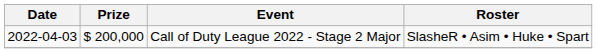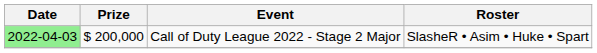 <table class="wikitable sortable">
 <tr>
 <th>Date</th>
 <th>Prize</th>
 <th>Event</th>
 <th>Roster</th>
 </tr>
 <tr>
-<td>2022-04-03</td>
+<td style="background: lightgreen;">2022-04-03</td>
 <td>$ 200,000</td>
 <td>Call of Duty League 2022 - Stage 2 Major</td>
 <td>SlasheR •  Asim •  Huke •  Spart</td>
 </tr>
 <tr>
 </tr>
 </table>
